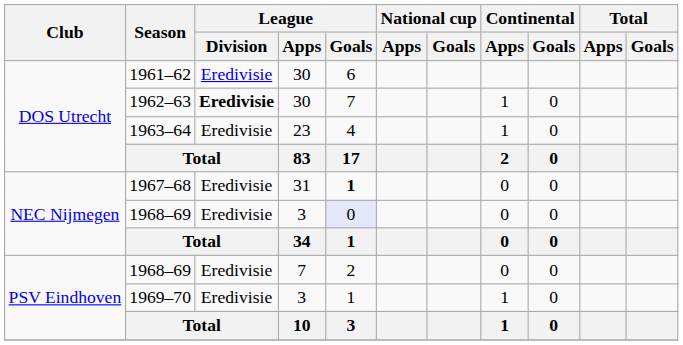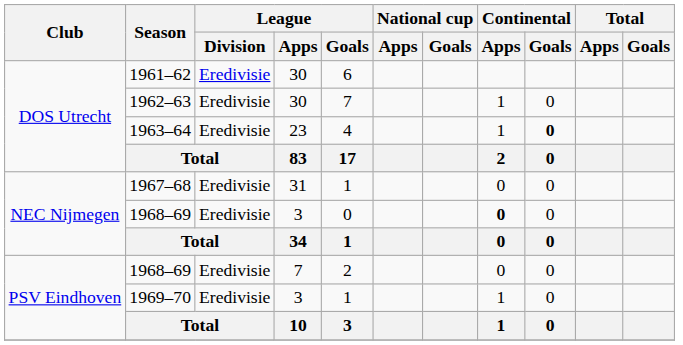 <table class="wikitable" style="text-align:center">
 <tr>
 <th rowspan="2">Club</th>
 <th rowspan="2">Season</th>
 <th colspan="3">League</th>
 <th colspan="2">National cup</th>
 <th colspan="2">Continental</th>
 <th colspan="2">Total</th>
 </tr>
 <tr>
 <th>Division</th>
 <th>Apps</th>
 <th>Goals</th>
 <th>Apps</th>
 <th>Goals</th>
 <th>Apps</th>
 <th>Goals</th>
 <th>Apps</th>
 <th>Goals</th>
 </tr>
 <tr>
 <td rowspan="4"><a href='#'>DOS Utrecht</a></td>
 <td>1961–62</td>
 <td><a href='#'>Eredivisie</a></td>
 <td>30</td>
 <td>6</td>
 <td></td>
 <td></td>
 <td></td>
 <td></td>
 <td></td>
 <td></td>
 </tr>
 <tr>
 <td>1962–63</td>
-<td><strong>Eredivisie</strong></td>
+<td>Eredivisie</td>
 <td>30</td>
 <td>7</td>
 <td></td>
 <td></td>
 <td>1</td>
 <td>0</td>
 <td></td>
 <td></td>
 </tr>
 <tr>
 <td>1963–64</td>
 <td>Eredivisie</td>
 <td>23</td>
 <td>4</td>
 <td></td>
 <td></td>
 <td>1</td>
-<td>0</td>
+<td><strong>0</strong></td>
 <td></td>
 <td></td>
 </tr>
 <tr>
 <th colspan="2">Total</th>
 <th>83</th>
 <th>17</th>
 <th></th>
 <th></th>
 <th>2</th>
 <th>0</th>
 <th></th>
 <th></th>
 </tr>
 <tr>
 <td rowspan="3"><a href='#'>NEC Nijmegen</a></td>
 <td>1967–68</td>
 <td>Eredivisie</td>
 <td>31</td>
-<td><strong>1</strong></td>
+<td>1</td>
 <td></td>
 <td></td>
 <td>0</td>
 <td>0</td>
 <td></td>
 <td></td>
 </tr>
 <tr>
 <td>1968–69</td>
 <td>Eredivisie</td>
 <td>3</td>
-<td style="background: lavender;">0</td>
+<td>0</td>
 <td></td>
 <td></td>
-<td>0</td>
+<td><strong>0</strong></td>
 <td>0</td>
 <td></td>
 <td></td>
 </tr>
 <tr>
 <th colspan="2">Total</th>
 <th>34</th>
 <th>1</th>
 <th></th>
 <th></th>
 <th>0</th>
 <th>0</th>
 <th></th>
 <th></th>
 </tr>
 <tr>
 <td rowspan="3"><a href='#'>PSV Eindhoven</a></td>
 <td>1968–69</td>
 <td>Eredivisie</td>
 <td>7</td>
 <td>2</td>
 <td></td>
 <td></td>
 <td>0</td>
 <td>0</td>
 <td></td>
 <td></td>
 </tr>
 <tr>
 <td>1969–70</td>
 <td>Eredivisie</td>
 <td>3</td>
 <td>1</td>
 <td></td>
 <td></td>
 <td>1</td>
 <td>0</td>
 <td></td>
 <td></td>
 </tr>
 <tr>
 <th colspan="2">Total</th>
 <th>10</th>
 <th>3</th>
 <th></th>
 <th></th>
 <th>1</th>
 <th>0</th>
 <th></th>
 <th></th>
 </tr>
 <tr>
 </tr>
 </table>
